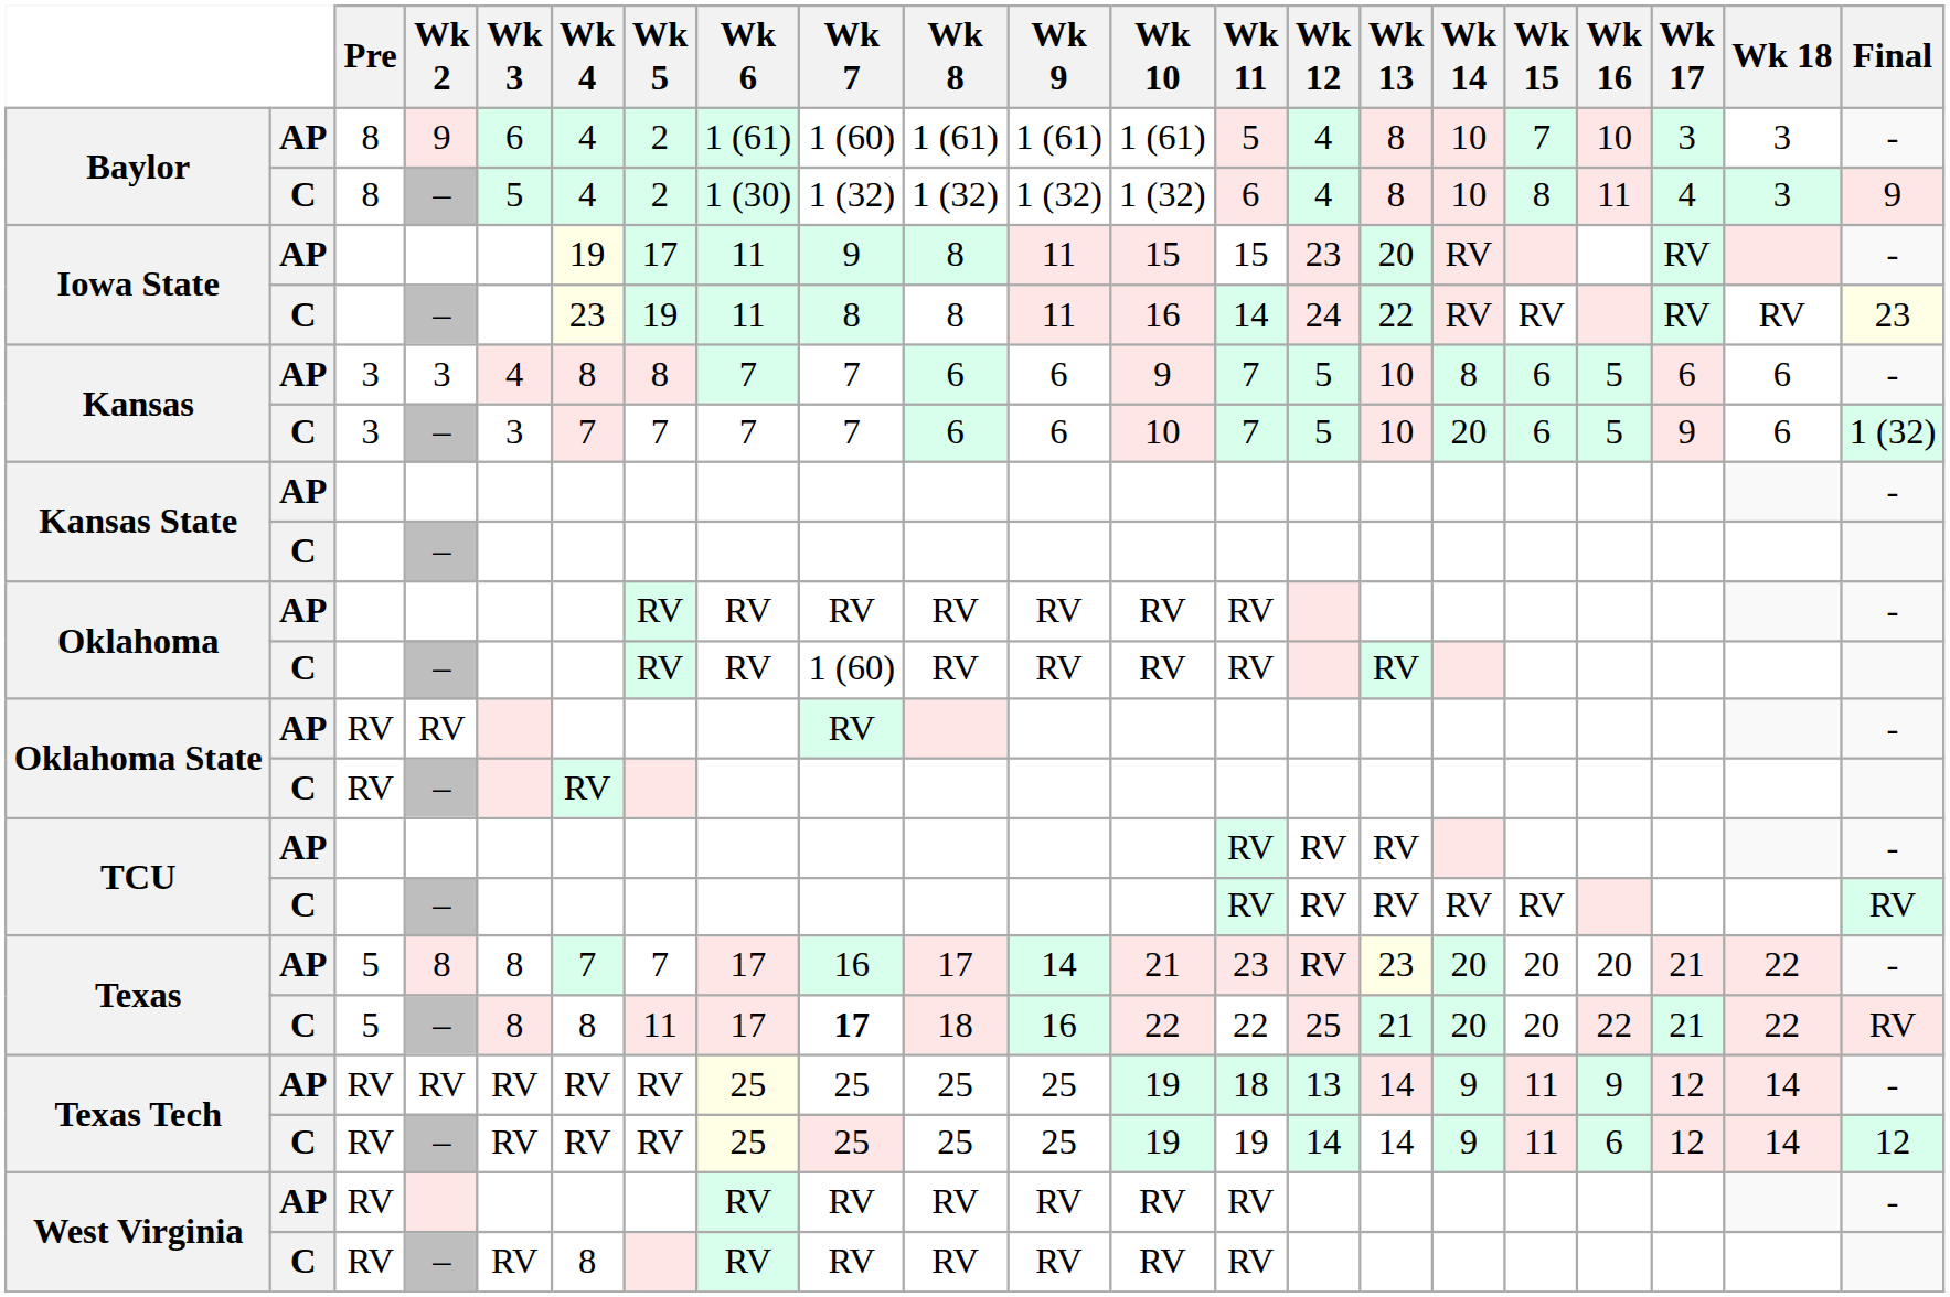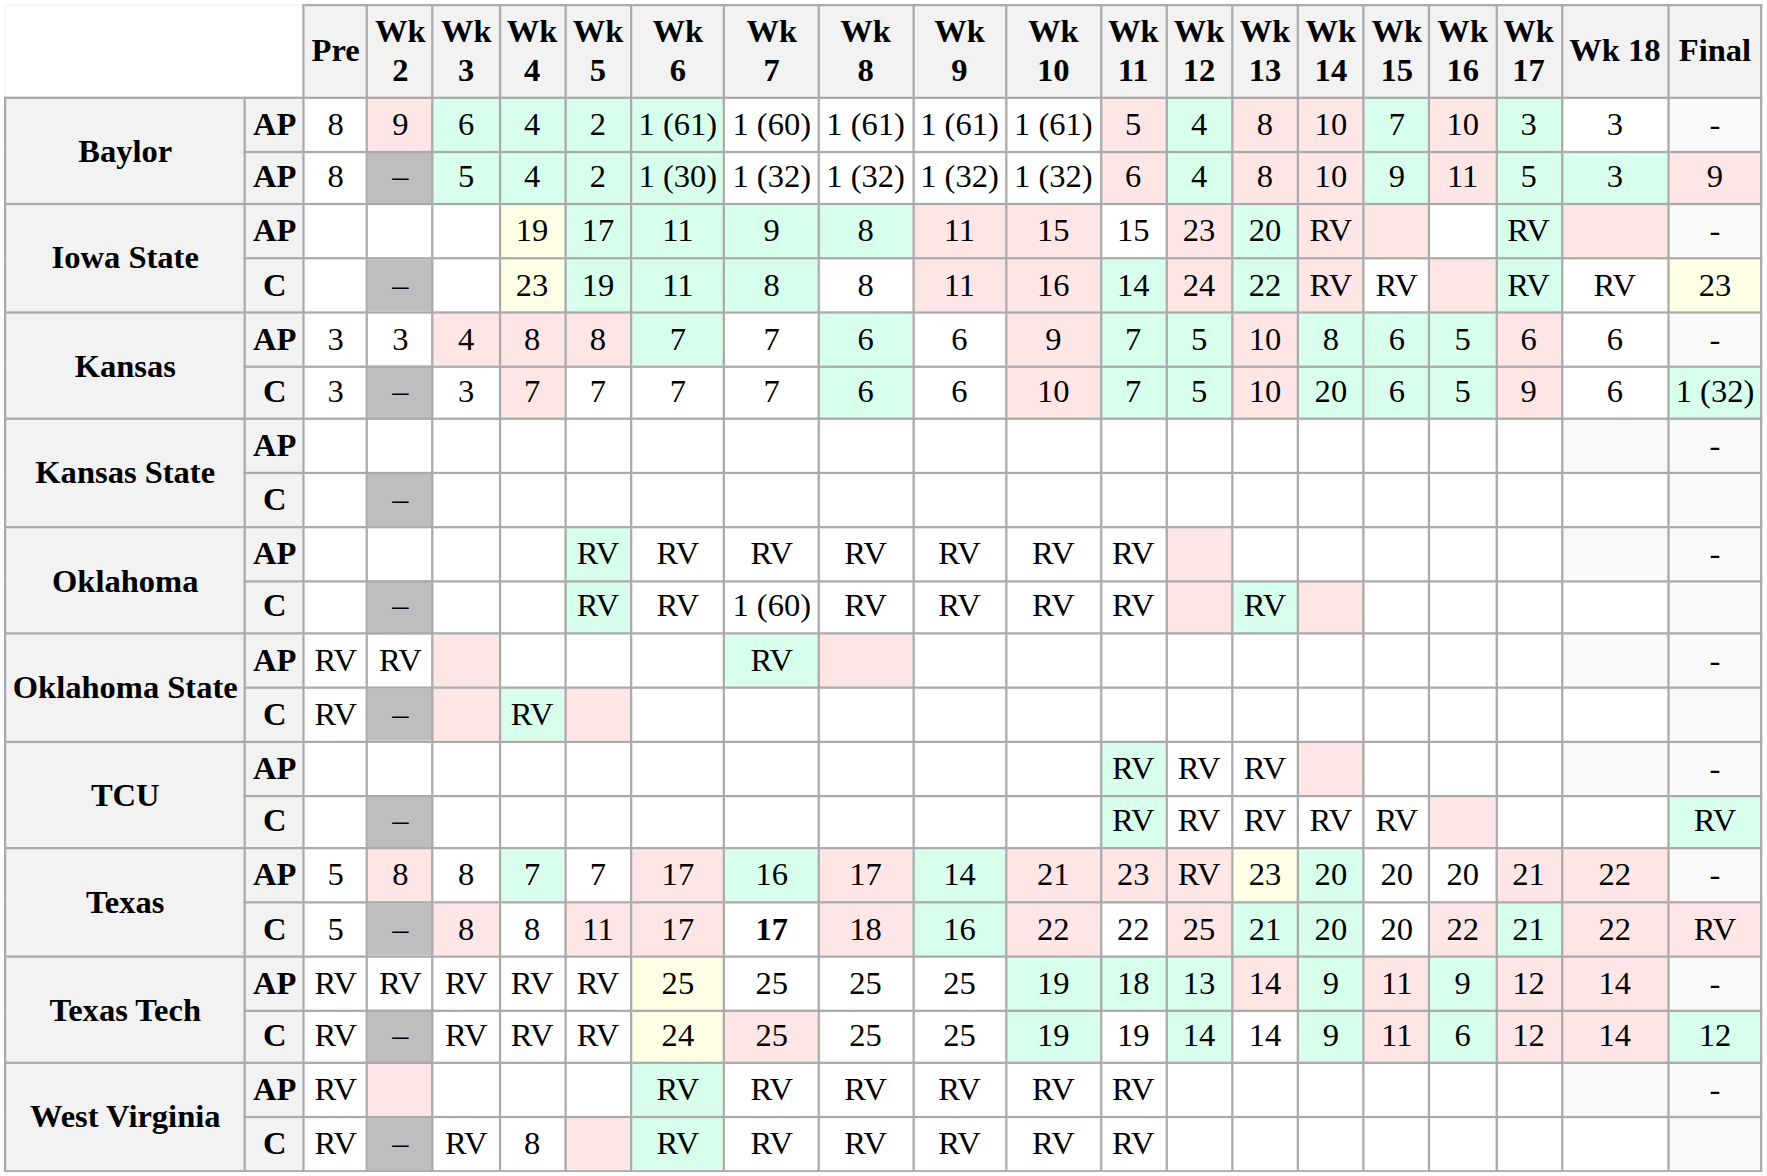 <table class="wikitable" style="white-space:nowrap;font-size:90%;">
 <tr>
 <th colspan="2" style="background:white; border-top-style:hidden; border-left-style:hidden;"> </th>
 <th>Pre</th>
 <th>Wk<br>2</th>
 <th>Wk<br>3</th>
 <th>Wk<br>4</th>
 <th>Wk<br>5</th>
 <th>Wk<br>6</th>
 <th>Wk<br>7</th>
 <th>Wk<br>8</th>
 <th>Wk<br>9</th>
 <th>Wk<br>10</th>
 <th>Wk<br>11</th>
 <th>Wk<br>12</th>
 <th>Wk<br>13</th>
 <th>Wk<br>14</th>
 <th>Wk<br>15</th>
 <th>Wk<br>16</th>
 <th>Wk<br>17</th>
 <th>Wk 18</th>
 <th>Final</th>
 </tr>
 <tr style="text-align:center;">
 <th rowspan="2">Baylor</th>
 <th>AP</th>
 <td style="background:#FFF;">8</td>
 <td style="background:#FFE6E6;">9</td>
 <td style="background:#D8FFEB;">6</td>
 <td style="background:#D8FFEB;">4</td>
 <td style="background:#D8FFEB;">2</td>
 <td style="background:#D8FFEB;">1 (61)</td>
 <td style="background:#FFF;">1  (60)</td>
 <td style="background:#FFF;">1 (61)</td>
 <td style="background:#FFF;">1 (61)</td>
 <td style="background:#FFF;">1 (61)</td>
 <td style="background:#FFE6E6;">5</td>
 <td style="background:#D8FFEB;">4</td>
 <td style="background:#FFE6E6;">8</td>
 <td style="background:#FFE6E6;">10</td>
 <td style="background:#D8FFEB;">7</td>
 <td style="background:#FFE6E6;">10</td>
 <td style="background:#D8FFEB;">3</td>
 <td style="background:#FFF;">3</td>
 <td>-</td>
 </tr>
 <tr style="text-align:center;">
-<th>C</th>
+<th>AP</th>
 <td style="background:#FFF;">8</td>
 <td style="background:#BEBEBE;">–</td>
 <td style="background:#D8FFEB;">5</td>
 <td style="background:#D8FFEB;">4</td>
 <td style="background:#D8FFEB;">2</td>
 <td style="background:#D8FFEB;">1 (30)</td>
 <td style="background:#FFF;">1 (32)</td>
 <td style="background:#FFF;">1 (32)</td>
 <td style="background:#FFF;">1 (32)</td>
 <td style="background:#FFF;">1 (32)</td>
 <td style="background:#FFE6E6;">6</td>
 <td style="background:#D8FFEB;">4</td>
 <td style="background:#FFE6E6;">8</td>
 <td style="background:#FFE6E6;">10</td>
-<td style="background:#D8FFEB;">8</td>
+<td style="background:#D8FFEB;">9</td>
 <td style="background:#FFE6E6;">11</td>
-<td style="background:#D8FFEB;">4</td>
+<td style="background:#D8FFEB;">5</td>
 <td style="background:#D8FFEB;">3</td>
 <td style="background:#FFE6E6;">9</td>
 </tr>
 <tr style="text-align:center;">
 <th rowspan="2">Iowa State</th>
 <th>AP</th>
 <td style="background:#FFF;"></td>
 <td style="background:#FFF;"></td>
 <td style="background:#FFF;"></td>
 <td style="background:#FFFFE6;">19</td>
 <td style="background:#D8FFEB;">17</td>
 <td style="background:#D8FFEB;">11</td>
 <td style="background:#D8FFEB;">9</td>
 <td style="background:#D8FFEB;">8</td>
 <td style="background:#FFE6E6;">11</td>
 <td style="background:#FFE6E6;">15</td>
 <td style="background:#FFF;">15</td>
 <td style="background:#FFE6E6;">23</td>
 <td style="background:#D8FFEB;">20</td>
 <td style="background:#FFE6E6;">RV</td>
 <td style="background:#FFE6E6;"></td>
 <td style="background:#FFF;"></td>
 <td style="background:#D8FFEB;">RV</td>
 <td style="background:#FFE6E6;"></td>
 <td>-</td>
 </tr>
 <tr style="text-align:center;">
 <th>C</th>
 <td style="background:#FFF;"></td>
 <td style="background:#BEBEBE;">–</td>
 <td style="background:#FFF;"></td>
 <td style="background:#FFFFE6;">23</td>
 <td style="background:#D8FFEB;">19</td>
 <td style="background:#D8FFEB;">11</td>
 <td style="background:#D8FFEB;">8</td>
 <td style="background:#FFF;">8</td>
 <td style="background:#FFE6E6;">11</td>
 <td style="background:#FFE6E6;">16</td>
 <td style="background:#D8FFEB;">14</td>
 <td style="background:#FFE6E6;">24</td>
 <td style="background:#D8FFEB;">22</td>
 <td style="background:#FFE6E6;">RV</td>
 <td style="background:#FFF;">RV</td>
 <td style="background:#FFE6E6;"></td>
 <td style="background:#D8FFEB;">RV</td>
 <td style="background:#FFF;">RV</td>
 <td style="background:#FFFFE6;">23</td>
 </tr>
 <tr style="text-align:center;">
 <th rowspan="2">Kansas</th>
 <th>AP</th>
 <td style="background:#FFF;">3</td>
 <td style="background:#FFF;">3</td>
 <td style="background:#FFE6E6;">4</td>
 <td style="background:#FFE6E6;">8</td>
 <td style="background:#FFE6E6;">8</td>
 <td style="background:#D8FFEB;">7</td>
 <td style="background:#FFF;">7</td>
 <td style="background:#D8FFEB;">6</td>
 <td style="background:#FFF;">6</td>
 <td style="background:#FFE6E6;">9</td>
 <td style="background:#D8FFEB;">7</td>
 <td style="background:#D8FFEB;">5</td>
 <td style="background:#FFE6E6;">10</td>
 <td style="background:#D8FFEB;">8</td>
 <td style="background:#D8FFEB;">6</td>
 <td style="background:#D8FFEB;">5</td>
 <td style="background:#FFE6E6;">6</td>
 <td style="background:#FFF;">6</td>
 <td>-</td>
 </tr>
 <tr style="text-align:center;">
 <th>C</th>
 <td style="background:#FFF;">3</td>
 <td style="background:#BEBEBE;">–</td>
 <td style="background:#FFF;">3</td>
 <td style="background:#FFE6E6;">7</td>
 <td style="background:#FFF;">7</td>
 <td style="background:#FFF;">7</td>
 <td style="background:#FFF;">7</td>
 <td style="background:#D8FFEB;">6</td>
 <td style="background:#FFF;">6</td>
 <td style="background:#FFE6E6;">10</td>
 <td style="background:#D8FFEB;">7</td>
 <td style="background:#D8FFEB;">5</td>
 <td style="background:#FFE6E6;">10</td>
 <td style="background:#D8FFEB;">20</td>
 <td style="background:#D8FFEB;">6</td>
 <td style="background:#D8FFEB;">5</td>
 <td style="background:#FFE6E6;">9</td>
 <td style="background:#FFF;">6</td>
 <td style="background:#D8FFEB;">1 (32)</td>
 </tr>
 <tr style="text-align:center;">
 <th rowspan="2">Kansas State</th>
 <th>AP</th>
 <td style="background:#FFF;"></td>
 <td style="background:#FFF;"></td>
 <td style="background:#FFF;"></td>
 <td style="background:#FFF;"></td>
 <td style="background:#FFF;"></td>
 <td style="background:#FFF;"></td>
 <td style="background:#FFF;"></td>
 <td style="background:#FFF;"></td>
 <td style="background:#FFF;"></td>
 <td style="background:#FFF;"></td>
 <td style="background:#FFF;"></td>
 <td style="background:#FFF;"></td>
 <td style="background:#FFF;"></td>
 <td style="background:#FFF;"></td>
 <td style="background:#FFF;"></td>
 <td style="background:#FFF;"></td>
 <td style="background:#FFF;"></td>
 <td></td>
 <td>-</td>
 </tr>
 <tr style="text-align:center;">
 <th>C</th>
 <td style="background:#FFF;"></td>
 <td style="background:#BEBEBE;">–</td>
 <td style="background:#FFF;"></td>
 <td style="background:#FFF;"></td>
 <td style="background:#FFF;"></td>
 <td style="background:#FFF;"></td>
 <td style="background:#FFF;"></td>
 <td style="background:#FFF;"></td>
 <td style="background:#FFF;"></td>
 <td style="background:#FFF;"></td>
 <td style="background:#FFF;"></td>
 <td style="background:#FFF;"></td>
 <td style="background:#FFF;"></td>
 <td style="background:#FFF;"></td>
 <td style="background:#FFF;"></td>
 <td style="background:#FFF;"></td>
 <td style="background:#FFF;"></td>
 <td style="background:#FFF;"></td>
 <td></td>
 </tr>
 <tr style="text-align:center;">
 <th rowspan="2">Oklahoma</th>
 <th>AP</th>
 <td style="background:#FFF;"></td>
 <td style="background:#FFF;"></td>
 <td style="background:#FFF;"></td>
 <td style="background:#FFF;"></td>
 <td style="background:#D8FFEB;">RV</td>
 <td style="background:#FFF;">RV</td>
 <td style="background:#FFF;">RV</td>
 <td style="background:#FFF;">RV</td>
 <td style="background:#FFF;">RV</td>
 <td style="background:#FFF;">RV</td>
 <td style="background:#FFF;">RV</td>
 <td style="background:#FFE6E6;"></td>
 <td style="background:#FFF;"></td>
 <td style="background:#FFF;"></td>
 <td style="background:#FFF;"></td>
 <td style="background:#FFF;"></td>
 <td style="background:#FFF;"></td>
 <td></td>
 <td>-</td>
 </tr>
 <tr style="text-align:center;">
 <th>C</th>
 <td style="background:#FFF;"></td>
 <td style="background:#BEBEBE;">–</td>
 <td style="background:#FFF;"></td>
 <td style="background:#FFF;"></td>
 <td style="background:#D8FFEB;">RV</td>
 <td style="background:#FFF;">RV</td>
 <td style="background:#FFF;">1  (60)</td>
 <td style="background:#FFF;">RV</td>
 <td style="background:#FFF;">RV</td>
 <td style="background:#FFF;">RV</td>
 <td style="background:#FFf;">RV</td>
 <td style="background:#FFE6E6;"></td>
 <td style="background:#D8FFEB;">RV</td>
 <td style="background:#FFE6E6;"></td>
 <td style="background:#FFF;"></td>
 <td style="background:#FFF;"></td>
 <td style="background:#FFF;"></td>
 <td style="background:#FFF;"></td>
 <td></td>
 </tr>
 <tr style="text-align:center;">
 <th rowspan="2">Oklahoma State</th>
 <th>AP</th>
 <td style="background:#FFF;">RV</td>
 <td style="background:#FFF;">RV</td>
 <td style="background:#FFE6E6;"></td>
 <td style="background:#FFF;"></td>
 <td style="background:#FFF;"></td>
 <td style="background:#FFF;"></td>
 <td style="background:#D8FFEB;">RV</td>
 <td style="background:#FFE6E6;"></td>
 <td style="background:#FFF;"></td>
 <td style="background:#FFF;"></td>
 <td style="background:#FFF;"></td>
 <td style="background:#FFF;"></td>
 <td style="background:#FFF;"></td>
 <td style="background:#FFF;"></td>
 <td style="background:#FFF;"></td>
 <td style="background:#FFF;"></td>
 <td style="background:#FFF;"></td>
 <td></td>
 <td>-</td>
 </tr>
 <tr style="text-align:center;">
 <th>C</th>
 <td style="background:#FFF;">RV</td>
 <td style="background:#BEBEBE;">–</td>
 <td style="background:#FFE6E6;"></td>
 <td style="background:#D8FFEB;">RV</td>
 <td style="background:#FFE6E6;"></td>
 <td style="background:#FFF;"></td>
 <td style="background:#FFF;"></td>
 <td style="background:#FFF;"></td>
 <td style="background:#FFF;"></td>
 <td style="background:#FFF;"></td>
 <td style="background:#FFF;"></td>
 <td style="background:#FFF;"></td>
 <td style="background:#FFF;"></td>
 <td style="background:#FFF;"></td>
 <td style="background:#FFF;"></td>
 <td style="background:#FFF;"></td>
 <td style="background:#FFF;"></td>
 <td style="background:#FFF;"></td>
 <td></td>
 </tr>
 <tr style="text-align:center;">
 <th rowspan="2">TCU</th>
 <th>AP</th>
 <td style="background:#FFF;"></td>
 <td style="background:#FFF;"></td>
 <td style="background:#FFF;"></td>
 <td style="background:#FFF;"></td>
 <td style="background:#FFF;"></td>
 <td style="background:#FFF;"></td>
 <td style="background:#FFF;"></td>
 <td style="background:#FFF;"></td>
 <td style="background:#FFF;"></td>
 <td style="background:#FFF;"></td>
 <td style="background:#D8FFEB;">RV</td>
 <td style="background:#FFF;">RV</td>
 <td style="background:#FFF;">RV</td>
 <td style="background:#FFE6E6;"></td>
 <td style="background:#FFF;"></td>
 <td style="background:#FFF;"></td>
 <td style="background:#FFF;"></td>
 <td></td>
 <td>-</td>
 </tr>
 <tr style="text-align:center;">
 <th>C</th>
 <td style="background:#FFF;"></td>
 <td style="background:#BEBEBE;">–</td>
 <td style="background:#FFF;"></td>
 <td style="background:#FFF;"></td>
 <td style="background:#FFF;"></td>
 <td style="background:#FFF;"></td>
 <td style="background:#FFF;"></td>
 <td style="background:#FFF;"></td>
 <td style="background:#FFF;"></td>
 <td style="background:#FFF;"></td>
 <td style="background:#D8FFEB;">RV</td>
 <td style="background:#FFF;">RV</td>
 <td style="background:#FFF;">RV</td>
 <td style="background:#FFF;">RV</td>
 <td style="background:#FFF;">RV</td>
 <td style="background:#FFE6E6;"></td>
 <td style="background:#FFF;"></td>
 <td style="background:#FFF;"></td>
 <td style="background:#D8FFEB;">RV</td>
 </tr>
 <tr style="text-align:center;">
 <th rowspan="2">Texas</th>
 <th>AP</th>
 <td style="background:#FFF;">5</td>
 <td style="background:#FFE6E6;">8</td>
 <td style="background:#FFF;">8</td>
 <td style="background:#D8FFEB;">7</td>
 <td style="background:#FFF;">7</td>
 <td style="background:#FFE6E6;">17</td>
 <td style="background:#D8FFEB;">16</td>
 <td style="background:#FFE6E6;">17</td>
 <td style="background:#D8FFEB;">14</td>
 <td style="background:#FFE6E6;">21</td>
 <td style="background:#FFE6E6;">23</td>
 <td style="background:#FFE6E6;">RV</td>
 <td style="background:#FFFFE6;">23</td>
 <td style="background:#D8FFEB;">20</td>
 <td style="background:#FFF;">20</td>
 <td style="background:#FFF;">20</td>
 <td style="background:#FFE6E6;">21</td>
 <td style="background:#FFE6E6;">22</td>
 <td>-</td>
 </tr>
 <tr style="text-align:center;">
 <th>C</th>
 <td style="background:#FFF;">5</td>
 <td style="background:#BEBEBE;">–</td>
 <td style="background:#FFE6E6;">8</td>
 <td style="background:#FFF;">8</td>
 <td style="background:#FFE6E6;">11</td>
 <td style="background:#FFE6E6;">17</td>
 <td style="background:#FFF;"><strong>17</strong></td>
 <td style="background:#FFE6E6;">18</td>
 <td style="background:#D8FFEB;">16</td>
 <td style="background:#FFE6E6;">22</td>
 <td style="background:#FFF;">22</td>
 <td style="background:#FFE6E6;">25</td>
 <td style="background:#D8FFEB;">21</td>
 <td style="background:#D8FFEB;">20</td>
 <td style="background:#FFF;">20</td>
 <td style="background:#FFE6E6;">22</td>
 <td style="background:#D8FFEB;">21</td>
 <td style="background:#FFE6E6;">22</td>
 <td style="background:#FFE6E6;">RV</td>
 </tr>
 <tr style="text-align:center;">
 <th rowspan="2">Texas Tech</th>
 <th>AP</th>
 <td style="background:#FFF;">RV</td>
 <td style="background:#FFF;">RV</td>
 <td style="background:#FFF;">RV</td>
 <td style="background:#FFF;">RV</td>
 <td style="background:#FFF;">RV</td>
 <td style="background:#FFFFE6;">25</td>
 <td style="background:#FFF;">25</td>
 <td style="background:#FFF;">25</td>
 <td style="background:#FFF;">25</td>
 <td style="background:#D8FFEB;">19</td>
 <td style="background:#D8FFEB;">18</td>
 <td style="background:#D8FFEB;">13</td>
 <td style="background:#FFE6E6;">14</td>
 <td style="background:#D8FFEB;">9</td>
 <td style="background:#FFE6E6;">11</td>
 <td style="background:#D8FFEB;">9</td>
 <td style="background:#FFE6E6;">12</td>
 <td style="background:#FFE6E6;">14</td>
 <td>-</td>
 </tr>
 <tr style="text-align:center;">
 <th>C</th>
 <td style="background:#FFF;">RV</td>
 <td style="background:#BEBEBE;">–</td>
 <td style="background:#FFF;">RV</td>
 <td style="background:#FFF;">RV</td>
 <td style="background:#FFF;">RV</td>
-<td style="background:#FFFFE6;">25</td>
+<td style="background:#FFFFE6;">24</td>
 <td style="background:#FFE6E6;">25</td>
 <td style="background:#FFF;">25</td>
 <td style="background:#FFF;">25</td>
 <td style="background:#D8FFEB;">19</td>
 <td style="background:#FFF;">19</td>
 <td style="background:#D8FFEB;">14</td>
 <td style="background:#FFF;">14</td>
 <td style="background:#D8FFEB;">9</td>
 <td style="background:#FFE6E6;">11</td>
 <td style="background:#D8FFEB;">6</td>
 <td style="background:#FFE6E6;">12</td>
 <td style="background:#FFE6E6;">14</td>
 <td style="background:#D8FFEB;">12</td>
 </tr>
 <tr style="text-align:center;">
 <th rowspan="2">West Virginia</th>
 <th>AP</th>
 <td style="background:#FFF;">RV</td>
 <td style="background:#FFE6E6;"></td>
 <td style="background:#FFF;"></td>
 <td style="background:#FFF;"></td>
 <td style="background:#FFF;"></td>
 <td style="background:#D8FFEB;">RV</td>
 <td style="background:#FFF;">RV</td>
 <td style="background:#FFF;">RV</td>
 <td style="background:#FFF;">RV</td>
 <td style="background:#FFF;">RV</td>
 <td style="background:#FFF;">RV</td>
 <td style="background:#FFF;"></td>
 <td style="background:#FFF;"></td>
 <td style="background:#FFF;"></td>
 <td style="background:#FFF;"></td>
 <td style="background:#FFF;"></td>
 <td style="background:#FFF;"></td>
 <td></td>
 <td>-</td>
 </tr>
 <tr style="text-align:center;">
 <th>C</th>
 <td style="background:#FFF;">RV</td>
 <td style="background:#BEBEBE;">–</td>
 <td style="background:#FFF;">RV</td>
 <td style="background:#FFF;">8</td>
 <td style="background:#FFE6E6;"></td>
 <td style="background:#D8FFEB;">RV</td>
 <td style="background:#FFF;">RV</td>
 <td style="background:#FFF;">RV</td>
 <td style="background:#FFF;">RV</td>
 <td style="background:#FFF;">RV</td>
 <td style="background:#FFF;">RV</td>
 <td style="background:#FFF;"></td>
 <td style="background:#FFF;"></td>
 <td style="background:#FFF;"></td>
 <td style="background:#FFF;"></td>
 <td style="background:#FFF;"></td>
 <td style="background:#FFF;"></td>
 <td style="background:#FFF;"></td>
 <td></td>
 </tr>
 </table>
